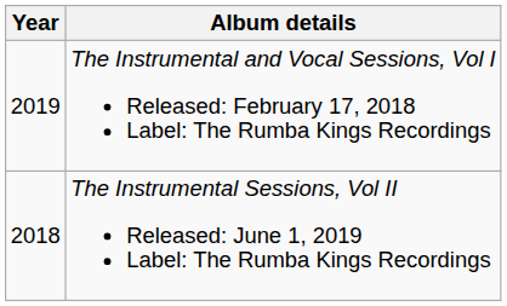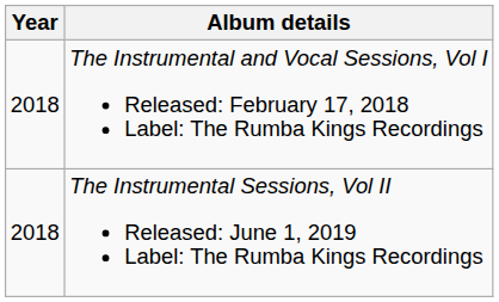 <table class="wikitable">
 <tr>
 <th>Year</th>
 <th>Album details</th>
 </tr>
 <tr>
-<td>2019</td>
+<td>2018</td>
 <td><em>The Instrumental and Vocal Sessions, Vol I</em><br><ul><li>Released: February 17, 2018</li><li>Label: The Rumba Kings Recordings</li></ul></td>
 </tr>
 <tr>
 <td>2018</td>
 <td><em>The Instrumental Sessions, Vol II</em><br><ul><li>Released: June 1, 2019</li><li>Label: The Rumba Kings Recordings</li></ul></td>
 </tr>
 </table>
